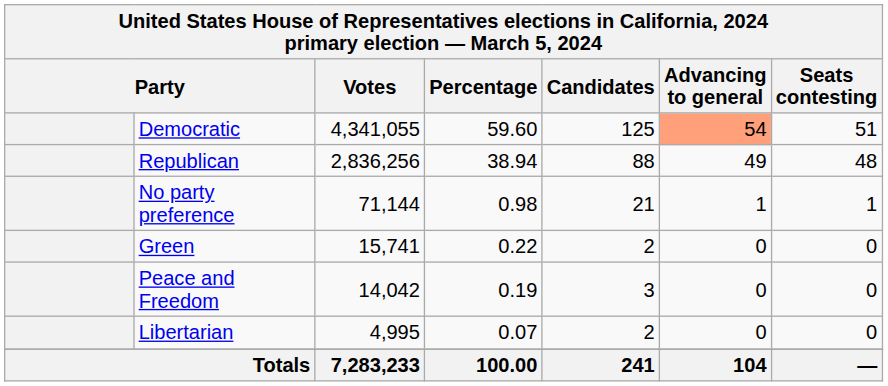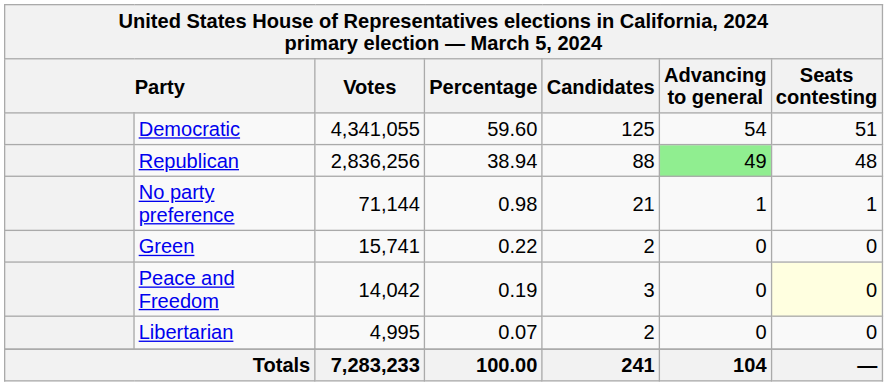 <table class="wikitable" style="font-size: 95%;">
 <tr>
 <th colspan="7">United States House of Representatives elections in California, 2024<br>primary election — March 5, 2024</th>
 </tr>
 <tr>
 <th colspan=2 style="width: 15em">Party</th>
 <th style="width: 5em">Votes</th>
 <th style="width: 5em">Percentage</th>
 <th style="width: 5em">Candidates</th>
 <th style="width: 5em">Advancing to general</th>
 <th style="width: 5em">Seats contesting</th>
 </tr>
 <tr>
 <th style="color:inherit;background:"></th>
 <td style="width: 130px"><a href='#'>Democratic</a></td>
 <td style="text-align:right;">4,341,055</td>
 <td style="text-align:right;">59.60</td>
 <td style="text-align:right;">125</td>
-<td style="background: lightsalmon; text-align:right;">54</td>
+<td style="text-align:right;">54</td>
 <td style="text-align:right;">51</td>
 </tr>
 <tr>
 <th style="color:inherit;background:"></th>
 <td style="width: 130px"><a href='#'>Republican</a></td>
 <td style="text-align:right;">2,836,256</td>
 <td style="text-align:right;">38.94</td>
 <td style="text-align:right;">88</td>
-<td style="text-align:right;">49</td>
+<td style="background: lightgreen; text-align:right;">49</td>
 <td style="text-align:right;">48</td>
 </tr>
 <tr>
 <th style="color:inherit;background:"></th>
 <td style="width: 130px"><a href='#'>No party preference</a></td>
 <td style="text-align:right;">71,144</td>
 <td style="text-align:right;">0.98</td>
 <td style="text-align:right;">21</td>
 <td style="text-align:right;">1</td>
 <td style="text-align:right;">1</td>
 </tr>
 <tr>
 <th style="color:inherit;background:"></th>
 <td style="width: 130px"><a href='#'>Green</a></td>
 <td style="text-align:right;">15,741</td>
 <td style="text-align:right;">0.22</td>
 <td style="text-align:right;">2</td>
 <td style="text-align:right;">0</td>
 <td style="text-align:right;">0</td>
 </tr>
 <tr>
 <th style="color:inherit;background:"></th>
 <td style="width: 130px"><a href='#'>Peace and Freedom</a></td>
 <td style="text-align:right;">14,042</td>
 <td style="text-align:right;">0.19</td>
 <td style="text-align:right;">3</td>
 <td style="text-align:right;">0</td>
-<td style="text-align:right;">0</td>
+<td style="background: lightyellow; text-align:right;">0</td>
 </tr>
 <tr>
 <th style="color:inherit;background:"></th>
 <td style="width: 130px"><a href='#'>Libertarian</a></td>
 <td style="text-align:right;">4,995</td>
 <td style="text-align:right;">0.07</td>
 <td style="text-align:right;">2</td>
 <td style="text-align:right;">0</td>
 <td style="text-align:right;">0</td>
 </tr>
 <tr>
 </tr>
 <tr style="color:inherit;background:#eee;">
 <th colspan="2" style="text-align:right;">Totals</th>
 <th style="text-align:right;">7,283,233</th>
 <th style="text-align:right;">100.00</th>
 <th style="text-align:right;">241</th>
 <th style="text-align:right;">104</th>
 <th style="text-align:right;">—</th>
 </tr>
 </table>
